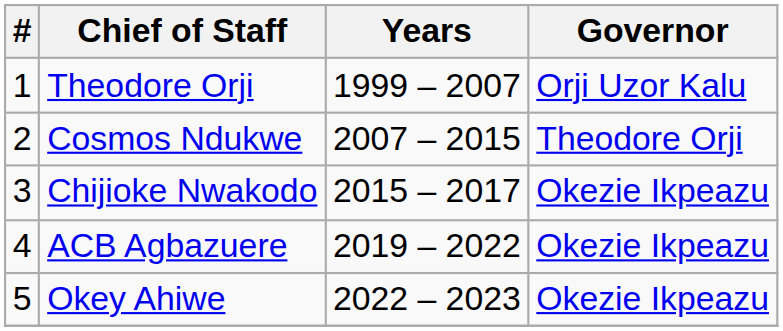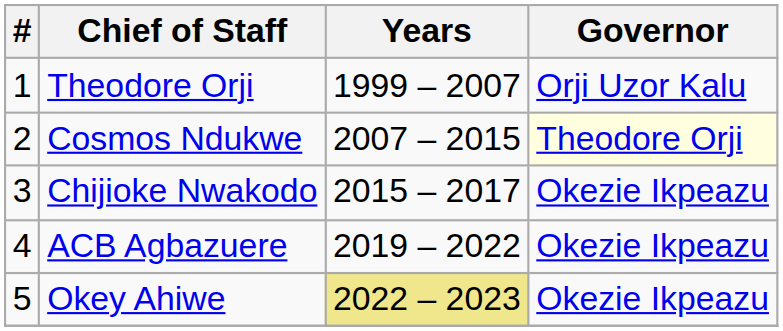 <table class="wikitable">
 <tr>
 <th>#</th>
 <th>Chief of Staff</th>
 <th>Years</th>
 <th>Governor</th>
 </tr>
 <tr>
 <td>1</td>
 <td><a href='#'>Theodore Orji</a></td>
 <td>1999 – 2007</td>
 <td><a href='#'>Orji Uzor Kalu</a></td>
 </tr>
 <tr>
 <td>2</td>
 <td><a href='#'>Cosmos Ndukwe</a></td>
 <td>2007 – 2015</td>
-<td><a href='#'>Theodore Orji</a></td>
+<td style="background: lightyellow;"><a href='#'>Theodore Orji</a></td>
 </tr>
 <tr>
 <td>3</td>
 <td><a href='#'>Chijioke Nwakodo</a></td>
 <td>2015 – 2017</td>
 <td><a href='#'>Okezie Ikpeazu</a></td>
 </tr>
 <tr>
 <td>4</td>
 <td><a href='#'>ACB Agbazuere</a></td>
 <td>2019 – 2022</td>
 <td><a href='#'>Okezie Ikpeazu</a></td>
 </tr>
 <tr>
 <td>5</td>
 <td><a href='#'>Okey Ahiwe</a></td>
-<td>2022 – 2023</td>
+<td style="background: khaki;">2022 – 2023</td>
 <td><a href='#'>Okezie Ikpeazu</a></td>
 </tr>
 <tr>
 </tr>
 </table>
